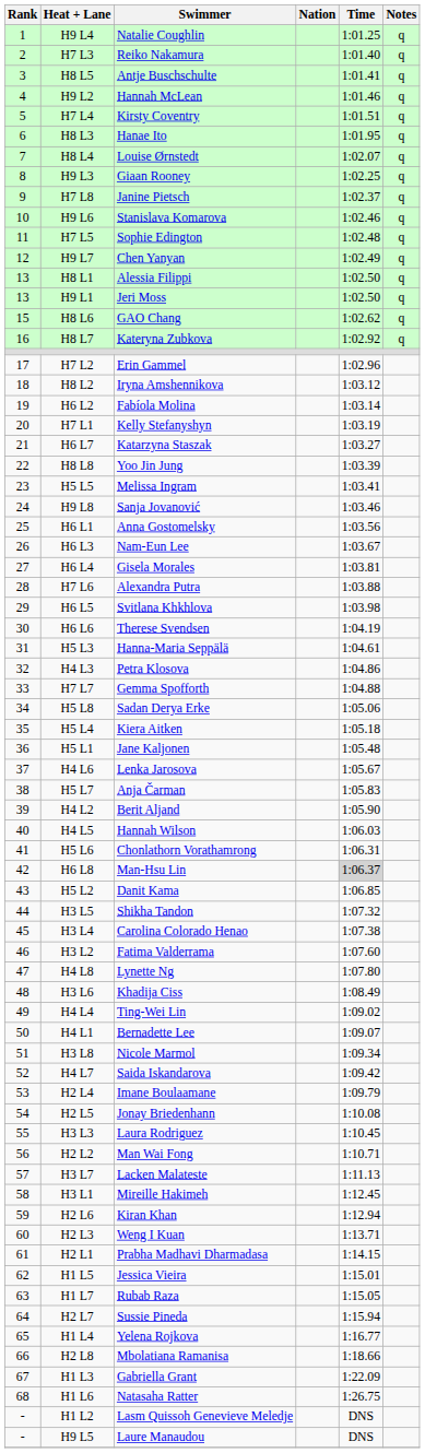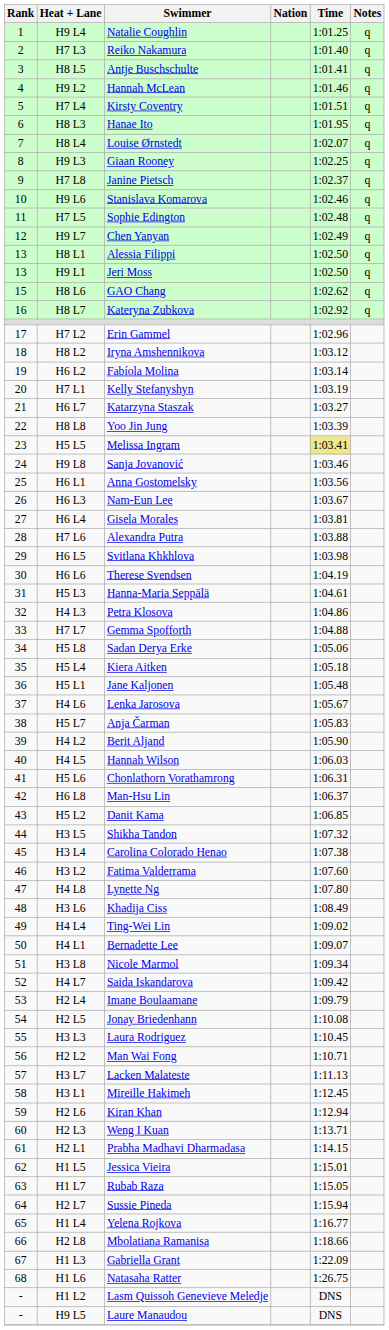 <table class="wikitable sortable" style="text-align:center">
 <tr>
 <th>Rank</th>
 <th>Heat + Lane</th>
 <th>Swimmer</th>
 <th>Nation</th>
 <th>Time</th>
 <th>Notes</th>
 </tr>
 <tr bgcolor=ccffcc>
 <td>1</td>
 <td>H9 L4</td>
 <td align=left><a href='#'>Natalie Coughlin</a></td>
 <td align=left></td>
 <td>1:01.25</td>
 <td>q</td>
 </tr>
 <tr bgcolor=ccffcc>
 <td>2</td>
 <td>H7 L3</td>
 <td align=left><a href='#'>Reiko Nakamura</a></td>
 <td align=left></td>
 <td>1:01.40</td>
 <td>q</td>
 </tr>
 <tr bgcolor=ccffcc>
 <td>3</td>
 <td>H8 L5</td>
 <td align=left><a href='#'>Antje Buschschulte</a></td>
 <td align=left></td>
 <td>1:01.41</td>
 <td>q</td>
 </tr>
 <tr bgcolor=ccffcc>
 <td>4</td>
 <td>H9 L2</td>
 <td align=left><a href='#'>Hannah McLean</a></td>
 <td align=left></td>
 <td>1:01.46</td>
 <td>q</td>
 </tr>
 <tr bgcolor=ccffcc>
 <td>5</td>
 <td>H7 L4</td>
 <td align=left><a href='#'>Kirsty Coventry</a></td>
 <td align=left></td>
 <td>1:01.51</td>
 <td>q</td>
 </tr>
 <tr bgcolor=ccffcc>
 <td>6</td>
 <td>H8 L3</td>
 <td align=left><a href='#'>Hanae Ito</a></td>
 <td align=left></td>
 <td>1:01.95</td>
 <td>q</td>
 </tr>
 <tr bgcolor=ccffcc>
 <td>7</td>
 <td>H8 L4</td>
 <td align=left><a href='#'>Louise Ørnstedt</a></td>
 <td align=left></td>
 <td>1:02.07</td>
 <td>q</td>
 </tr>
 <tr bgcolor=ccffcc>
 <td>8</td>
 <td>H9 L3</td>
 <td align=left><a href='#'>Giaan Rooney</a></td>
 <td align=left></td>
 <td>1:02.25</td>
 <td>q</td>
 </tr>
 <tr bgcolor=ccffcc>
 <td>9</td>
 <td>H7 L8</td>
 <td align=left><a href='#'>Janine Pietsch</a></td>
 <td align=left></td>
 <td>1:02.37</td>
 <td>q</td>
 </tr>
 <tr bgcolor=ccffcc>
 <td>10</td>
 <td>H9 L6</td>
 <td align=left><a href='#'>Stanislava Komarova</a></td>
 <td align=left></td>
 <td>1:02.46</td>
 <td>q</td>
 </tr>
 <tr bgcolor=ccffcc>
 <td>11</td>
 <td>H7 L5</td>
 <td align=left><a href='#'>Sophie Edington</a></td>
 <td align=left></td>
 <td>1:02.48</td>
 <td>q</td>
 </tr>
 <tr bgcolor=ccffcc>
 <td>12</td>
 <td>H9 L7</td>
 <td align=left><a href='#'>Chen Yanyan</a></td>
 <td align=left></td>
 <td>1:02.49</td>
 <td>q</td>
 </tr>
 <tr bgcolor=ccffcc>
 <td>13</td>
 <td>H8 L1</td>
 <td align=left><a href='#'>Alessia Filippi</a></td>
 <td align=left></td>
 <td>1:02.50</td>
 <td>q</td>
 </tr>
 <tr bgcolor=ccffcc>
 <td>13</td>
 <td>H9 L1</td>
 <td align=left><a href='#'>Jeri Moss</a></td>
 <td align=left></td>
 <td>1:02.50</td>
 <td>q</td>
 </tr>
 <tr bgcolor=ccffcc>
 <td>15</td>
 <td>H8 L6</td>
 <td align=left><a href='#'>GAO Chang</a></td>
 <td align=left></td>
 <td>1:02.62</td>
 <td>q</td>
 </tr>
 <tr bgcolor=ccffcc>
 <td>16</td>
 <td>H8 L7</td>
 <td align=left><a href='#'>Kateryna Zubkova</a></td>
 <td align=left></td>
 <td>1:02.92</td>
 <td>q</td>
 </tr>
 <tr bgcolor=#DDDDDD>
 <td colspan=7></td>
 </tr>
 <tr>
 <td>17</td>
 <td>H7 L2</td>
 <td align=left><a href='#'>Erin Gammel</a></td>
 <td align=left></td>
 <td>1:02.96</td>
 <td></td>
 </tr>
 <tr>
 <td>18</td>
 <td>H8 L2</td>
 <td align=left><a href='#'>Iryna Amshennikova</a></td>
 <td align=left></td>
 <td>1:03.12</td>
 <td></td>
 </tr>
 <tr>
 <td>19</td>
 <td>H6 L2</td>
 <td align=left><a href='#'>Fabíola Molina</a></td>
 <td align=left></td>
 <td>1:03.14</td>
 <td></td>
 </tr>
 <tr>
 <td>20</td>
 <td>H7 L1</td>
 <td align=left><a href='#'>Kelly Stefanyshyn</a></td>
 <td align=left></td>
 <td>1:03.19</td>
 <td></td>
 </tr>
 <tr>
 <td>21</td>
 <td>H6 L7</td>
 <td align=left><a href='#'>Katarzyna Staszak</a></td>
 <td align=left></td>
 <td>1:03.27</td>
 <td></td>
 </tr>
 <tr>
 <td>22</td>
 <td>H8 L8</td>
 <td align=left><a href='#'>Yoo Jin Jung</a></td>
 <td align=left></td>
 <td>1:03.39</td>
 <td></td>
 </tr>
 <tr>
 <td>23</td>
 <td>H5 L5</td>
 <td align=left><a href='#'>Melissa Ingram</a></td>
 <td align=left></td>
-<td>1:03.41</td>
+<td style="background: khaki;">1:03.41</td>
 <td></td>
 </tr>
 <tr>
 <td>24</td>
 <td>H9 L8</td>
 <td align=left><a href='#'>Sanja Jovanović</a></td>
 <td align=left></td>
 <td>1:03.46</td>
 <td></td>
 </tr>
 <tr>
 <td>25</td>
 <td>H6 L1</td>
 <td align=left><a href='#'>Anna Gostomelsky</a></td>
 <td align=left></td>
 <td>1:03.56</td>
 <td></td>
 </tr>
 <tr>
 <td>26</td>
 <td>H6 L3</td>
 <td align=left><a href='#'>Nam-Eun Lee</a></td>
 <td align=left></td>
 <td>1:03.67</td>
 <td></td>
 </tr>
 <tr>
 <td>27</td>
 <td>H6 L4</td>
 <td align=left><a href='#'>Gisela Morales</a></td>
 <td align=left></td>
 <td>1:03.81</td>
 <td></td>
 </tr>
 <tr>
 <td>28</td>
 <td>H7 L6</td>
 <td align=left><a href='#'>Alexandra Putra</a></td>
 <td align=left></td>
 <td>1:03.88</td>
 <td></td>
 </tr>
 <tr>
 <td>29</td>
 <td>H6 L5</td>
 <td align=left><a href='#'>Svitlana Khkhlova</a></td>
 <td align=left></td>
 <td>1:03.98</td>
 <td></td>
 </tr>
 <tr>
 <td>30</td>
 <td>H6 L6</td>
 <td align=left><a href='#'>Therese Svendsen</a></td>
 <td align=left></td>
 <td>1:04.19</td>
 <td></td>
 </tr>
 <tr>
 <td>31</td>
 <td>H5 L3</td>
 <td align=left><a href='#'>Hanna-Maria Seppälä</a></td>
 <td align=left></td>
 <td>1:04.61</td>
 <td></td>
 </tr>
 <tr>
 <td>32</td>
 <td>H4 L3</td>
 <td align=left><a href='#'>Petra Klosova</a></td>
 <td align=left></td>
 <td>1:04.86</td>
 <td></td>
 </tr>
 <tr>
 <td>33</td>
 <td>H7 L7</td>
 <td align=left><a href='#'>Gemma Spofforth</a></td>
 <td align=left></td>
 <td>1:04.88</td>
 <td></td>
 </tr>
 <tr>
 <td>34</td>
 <td>H5 L8</td>
 <td align=left><a href='#'>Sadan Derya Erke</a></td>
 <td align=left></td>
 <td>1:05.06</td>
 <td></td>
 </tr>
 <tr>
 <td>35</td>
 <td>H5 L4</td>
 <td align=left><a href='#'>Kiera Aitken</a></td>
 <td align=left></td>
 <td>1:05.18</td>
 <td></td>
 </tr>
 <tr>
 <td>36</td>
 <td>H5 L1</td>
 <td align=left><a href='#'>Jane Kaljonen</a></td>
 <td align=left></td>
 <td>1:05.48</td>
 <td></td>
 </tr>
 <tr>
 <td>37</td>
 <td>H4 L6</td>
 <td align=left><a href='#'>Lenka Jarosova</a></td>
 <td align=left></td>
 <td>1:05.67</td>
 <td></td>
 </tr>
 <tr>
 <td>38</td>
 <td>H5 L7</td>
 <td align=left><a href='#'>Anja Čarman</a></td>
 <td align=left></td>
 <td>1:05.83</td>
 <td></td>
 </tr>
 <tr>
 <td>39</td>
 <td>H4 L2</td>
 <td align=left><a href='#'>Berit Aljand</a></td>
 <td align=left></td>
 <td>1:05.90</td>
 <td></td>
 </tr>
 <tr>
 <td>40</td>
 <td>H4 L5</td>
 <td align=left><a href='#'>Hannah Wilson</a></td>
 <td align=left></td>
 <td>1:06.03</td>
 <td></td>
 </tr>
 <tr>
 <td>41</td>
 <td>H5 L6</td>
 <td align=left><a href='#'>Chonlathorn Vorathamrong</a></td>
 <td align=left></td>
 <td>1:06.31</td>
 <td></td>
 </tr>
 <tr>
 <td>42</td>
 <td>H6 L8</td>
 <td align=left><a href='#'>Man-Hsu Lin</a></td>
 <td align=left></td>
-<td style="background: lightgrey;">1:06.37</td>
+<td>1:06.37</td>
 <td></td>
 </tr>
 <tr>
 <td>43</td>
 <td>H5 L2</td>
 <td align=left><a href='#'>Danit Kama</a></td>
 <td align=left></td>
 <td>1:06.85</td>
 <td></td>
 </tr>
 <tr>
 <td>44</td>
 <td>H3 L5</td>
 <td align=left><a href='#'>Shikha Tandon</a></td>
 <td align=left></td>
 <td>1:07.32</td>
 <td></td>
 </tr>
 <tr>
 <td>45</td>
 <td>H3 L4</td>
 <td align=left><a href='#'>Carolina Colorado Henao</a></td>
 <td align=left></td>
 <td>1:07.38</td>
 <td></td>
 </tr>
 <tr>
 <td>46</td>
 <td>H3 L2</td>
 <td align=left><a href='#'>Fatima Valderrama</a></td>
 <td align=left></td>
 <td>1:07.60</td>
 <td></td>
 </tr>
 <tr>
 <td>47</td>
 <td>H4 L8</td>
 <td align=left><a href='#'>Lynette Ng</a></td>
 <td align=left></td>
 <td>1:07.80</td>
 <td></td>
 </tr>
 <tr>
 <td>48</td>
 <td>H3 L6</td>
 <td align=left><a href='#'>Khadija Ciss</a></td>
 <td align=left></td>
 <td>1:08.49</td>
 <td></td>
 </tr>
 <tr>
 <td>49</td>
 <td>H4 L4</td>
 <td align=left><a href='#'>Ting-Wei Lin</a></td>
 <td align=left></td>
 <td>1:09.02</td>
 <td></td>
 </tr>
 <tr>
 <td>50</td>
 <td>H4 L1</td>
 <td align=left><a href='#'>Bernadette Lee</a></td>
 <td align=left></td>
 <td>1:09.07</td>
 <td></td>
 </tr>
 <tr>
 <td>51</td>
 <td>H3 L8</td>
 <td align=left><a href='#'>Nicole Marmol</a></td>
 <td align=left></td>
 <td>1:09.34</td>
 <td></td>
 </tr>
 <tr>
 <td>52</td>
 <td>H4 L7</td>
 <td align=left><a href='#'>Saida Iskandarova</a></td>
 <td align=left></td>
 <td>1:09.42</td>
 <td></td>
 </tr>
 <tr>
 <td>53</td>
 <td>H2 L4</td>
 <td align=left><a href='#'>Imane Boulaamane</a></td>
 <td align=left></td>
 <td>1:09.79</td>
 <td></td>
 </tr>
 <tr>
 <td>54</td>
 <td>H2 L5</td>
 <td align=left><a href='#'>Jonay Briedenhann</a></td>
 <td align=left></td>
 <td>1:10.08</td>
 <td></td>
 </tr>
 <tr>
 <td>55</td>
 <td>H3 L3</td>
 <td align=left><a href='#'>Laura Rodriguez</a></td>
 <td align=left></td>
 <td>1:10.45</td>
 <td></td>
 </tr>
 <tr>
 <td>56</td>
 <td>H2 L2</td>
 <td align=left><a href='#'>Man Wai Fong</a></td>
 <td align=left></td>
 <td>1:10.71</td>
 <td></td>
 </tr>
 <tr>
 <td>57</td>
 <td>H3 L7</td>
 <td align=left><a href='#'>Lacken Malateste</a></td>
 <td align=left></td>
 <td>1:11.13</td>
 <td></td>
 </tr>
 <tr>
 <td>58</td>
 <td>H3 L1</td>
 <td align=left><a href='#'>Mireille Hakimeh</a></td>
 <td align=left></td>
 <td>1:12.45</td>
 <td></td>
 </tr>
 <tr>
 <td>59</td>
 <td>H2 L6</td>
 <td align=left><a href='#'>Kiran Khan</a></td>
 <td align=left></td>
 <td>1:12.94</td>
 <td></td>
 </tr>
 <tr>
 <td>60</td>
 <td>H2 L3</td>
 <td align=left><a href='#'>Weng I Kuan</a></td>
 <td align=left></td>
 <td>1:13.71</td>
 <td></td>
 </tr>
 <tr>
 <td>61</td>
 <td>H2 L1</td>
 <td align=left><a href='#'>Prabha Madhavi Dharmadasa</a></td>
 <td align=left></td>
 <td>1:14.15</td>
 <td></td>
 </tr>
 <tr>
 <td>62</td>
 <td>H1 L5</td>
 <td align=left><a href='#'>Jessica Vieira</a></td>
 <td align=left></td>
 <td>1:15.01</td>
 <td></td>
 </tr>
 <tr>
 <td>63</td>
 <td>H1 L7</td>
 <td align=left><a href='#'>Rubab Raza</a></td>
 <td align=left></td>
 <td>1:15.05</td>
 <td></td>
 </tr>
 <tr>
 <td>64</td>
 <td>H2 L7</td>
 <td align=left><a href='#'>Sussie Pineda</a></td>
 <td align=left></td>
 <td>1:15.94</td>
 <td></td>
 </tr>
 <tr>
 <td>65</td>
 <td>H1 L4</td>
 <td align=left><a href='#'>Yelena Rojkova</a></td>
 <td align=left></td>
 <td>1:16.77</td>
 <td></td>
 </tr>
 <tr>
 <td>66</td>
 <td>H2 L8</td>
 <td align=left><a href='#'>Mbolatiana Ramanisa</a></td>
 <td align=left></td>
 <td>1:18.66</td>
 <td></td>
 </tr>
 <tr>
 <td>67</td>
 <td>H1 L3</td>
 <td align=left><a href='#'>Gabriella Grant</a></td>
 <td align=left></td>
 <td>1:22.09</td>
 <td></td>
 </tr>
 <tr>
 <td>68</td>
 <td>H1 L6</td>
 <td align=left><a href='#'>Natasaha Ratter</a></td>
 <td align=left></td>
 <td>1:26.75</td>
 <td></td>
 </tr>
 <tr>
 <td>-</td>
 <td>H1 L2</td>
 <td align=left><a href='#'>Lasm Quissoh Genevieve Meledje</a></td>
 <td align=left></td>
 <td>DNS</td>
 <td></td>
 </tr>
 <tr>
 <td>-</td>
 <td>H9 L5</td>
 <td align=left><a href='#'>Laure Manaudou</a></td>
 <td align=left></td>
 <td>DNS</td>
 <td></td>
 </tr>
 <tr>
 </tr>
 </table>
